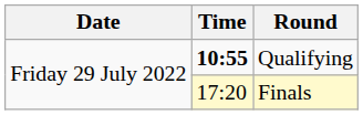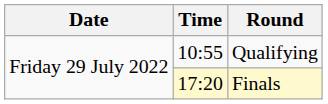 <table class="wikitable">
 <tr>
 <th>Date</th>
 <th>Time</th>
 <th>Round</th>
 </tr>
 <tr>
 <td rowspan=2>Friday 29 July 2022</td>
-<td><strong>10:55</strong></td>
+<td>10:55</td>
 <td>Qualifying</td>
 </tr>
 <tr>
 <td style=background:lemonchiffon>17:20</td>
 <td style=background:lemonchiffon>Finals</td>
 </tr>
 </table>
